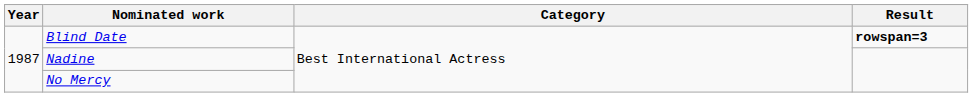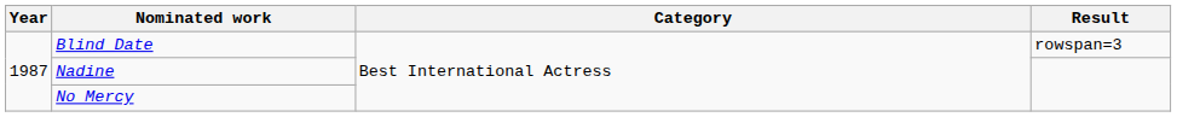 <table class=wikitable>
 <tr>
 <th width=4%>Year</th>
 <th width=26%>Nominated work</th>
 <th width=58%>Category</th>
 <th width=12%>Result</th>
 </tr>
 <tr>
 <td rowspan=3>1987</td>
 <td><em><a href='#'>Blind Date</a></em></td>
 <td rowspan=3>Best International Actress</td>
-<td><strong>rowspan=3 </strong></td>
+<td>rowspan=3 </td>
 </tr>
 <tr>
 <td><em><a href='#'>Nadine</a></em></td>
 </tr>
 <tr>
 <td><em><a href='#'>No Mercy</a></em></td>
 </tr>
 </table>
